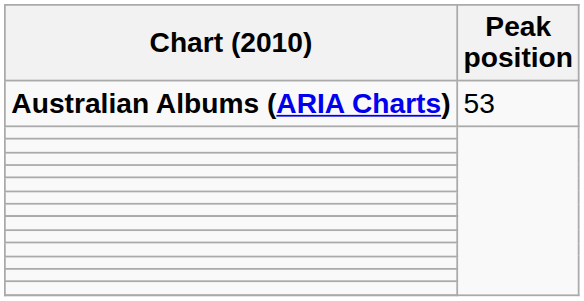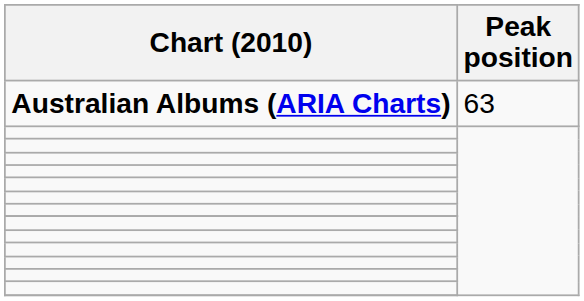 <table class="wikitable sortable plainrowheaders">
 <tr>
 <th>Chart (2010)</th>
 <th>Peak<br>position</th>
 </tr>
 <tr>
 <td scope="row"><strong>Australian Albums (<a href='#'>ARIA Charts</a>)</strong></td>
-<td>53</td>
+<td>63</td>
 </tr>
 <tr>
 <td></td>
 </tr>
 <tr>
 <td></td>
 </tr>
 <tr>
 <td></td>
 </tr>
 <tr>
 <td></td>
 </tr>
 <tr>
 <td></td>
 </tr>
 <tr>
 <td></td>
 </tr>
 <tr>
 <td></td>
 </tr>
 <tr>
 </tr>
 <tr>
 <td></td>
 </tr>
 <tr>
 <td></td>
 </tr>
 <tr>
 <td></td>
 </tr>
 <tr>
 <td></td>
 </tr>
 <tr>
 <td></td>
 </tr>
 <tr>
 <td></td>
 </tr>
 <tr>
 </tr>
 </table>
